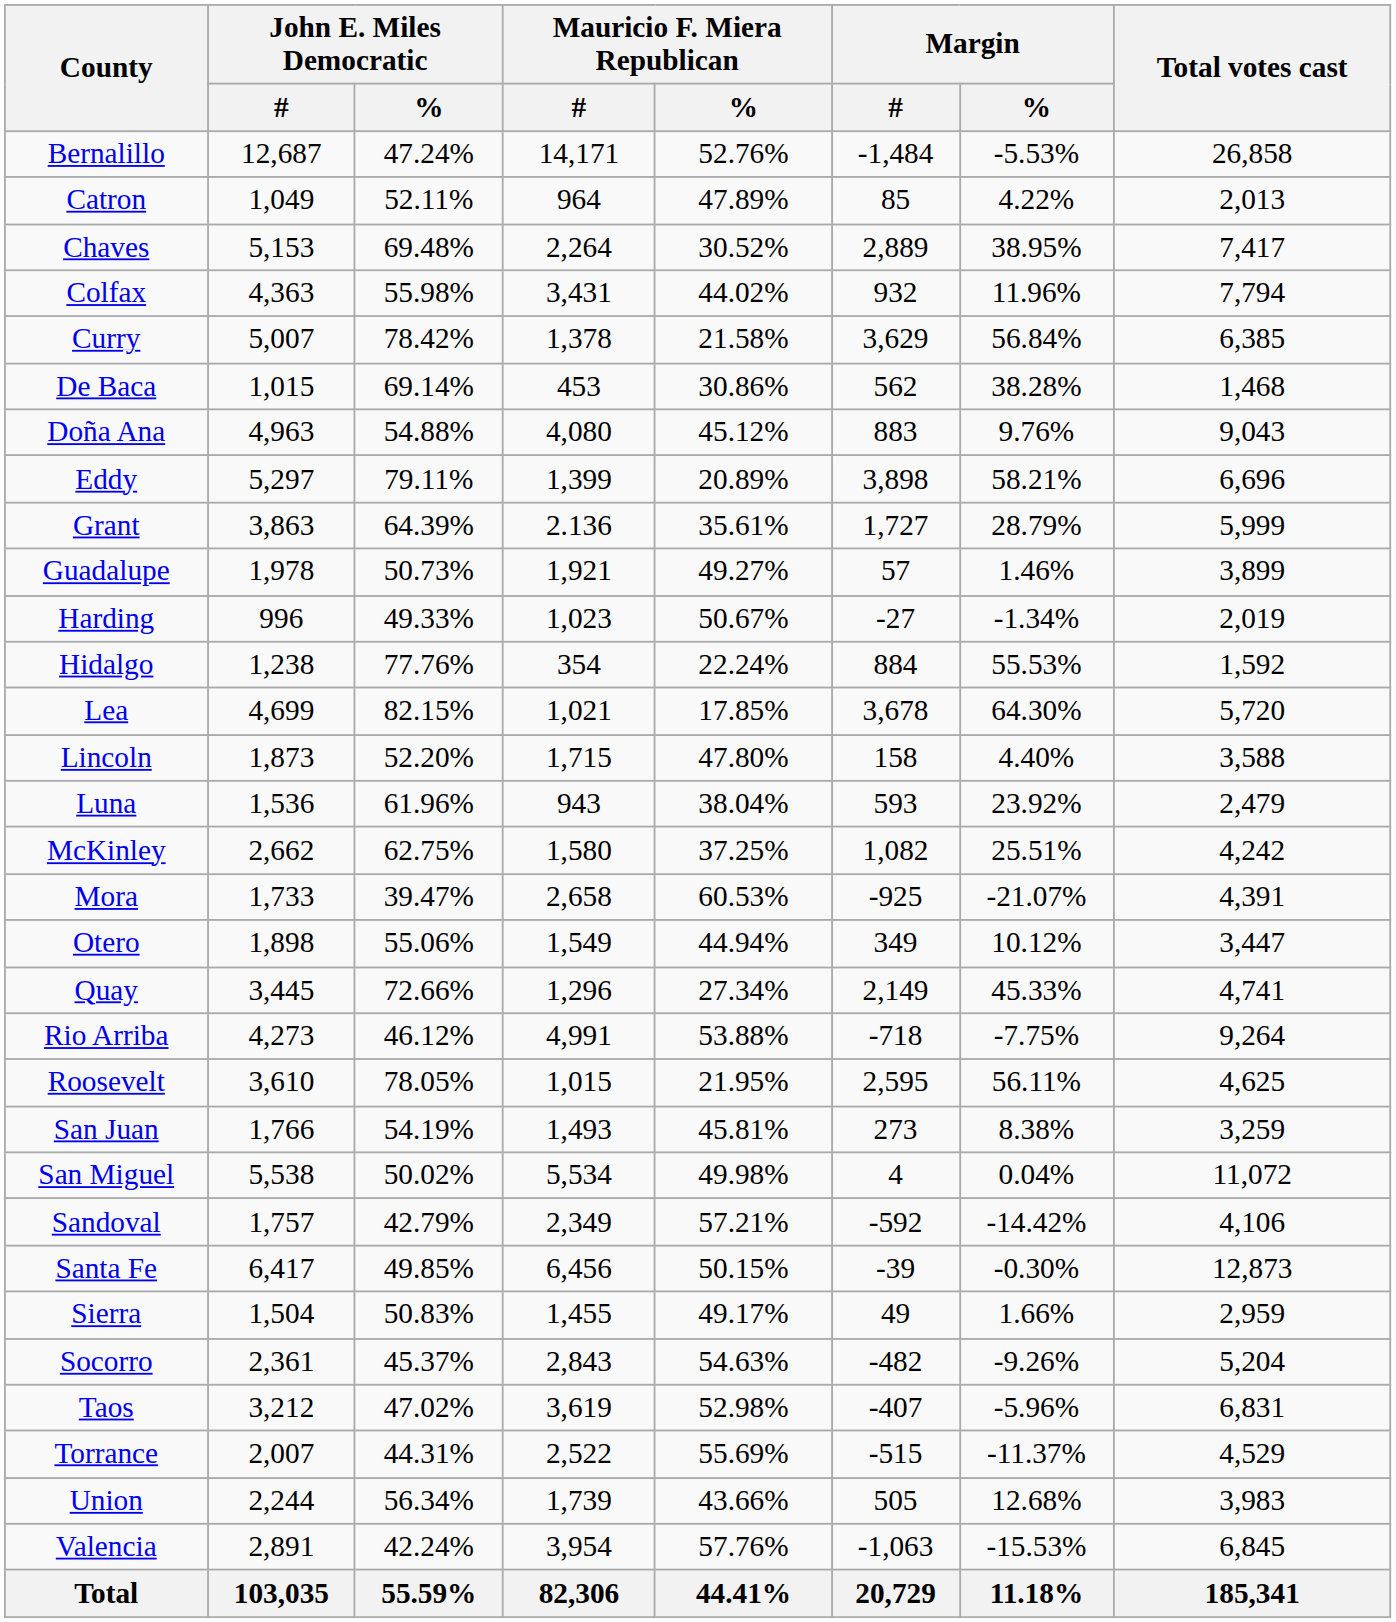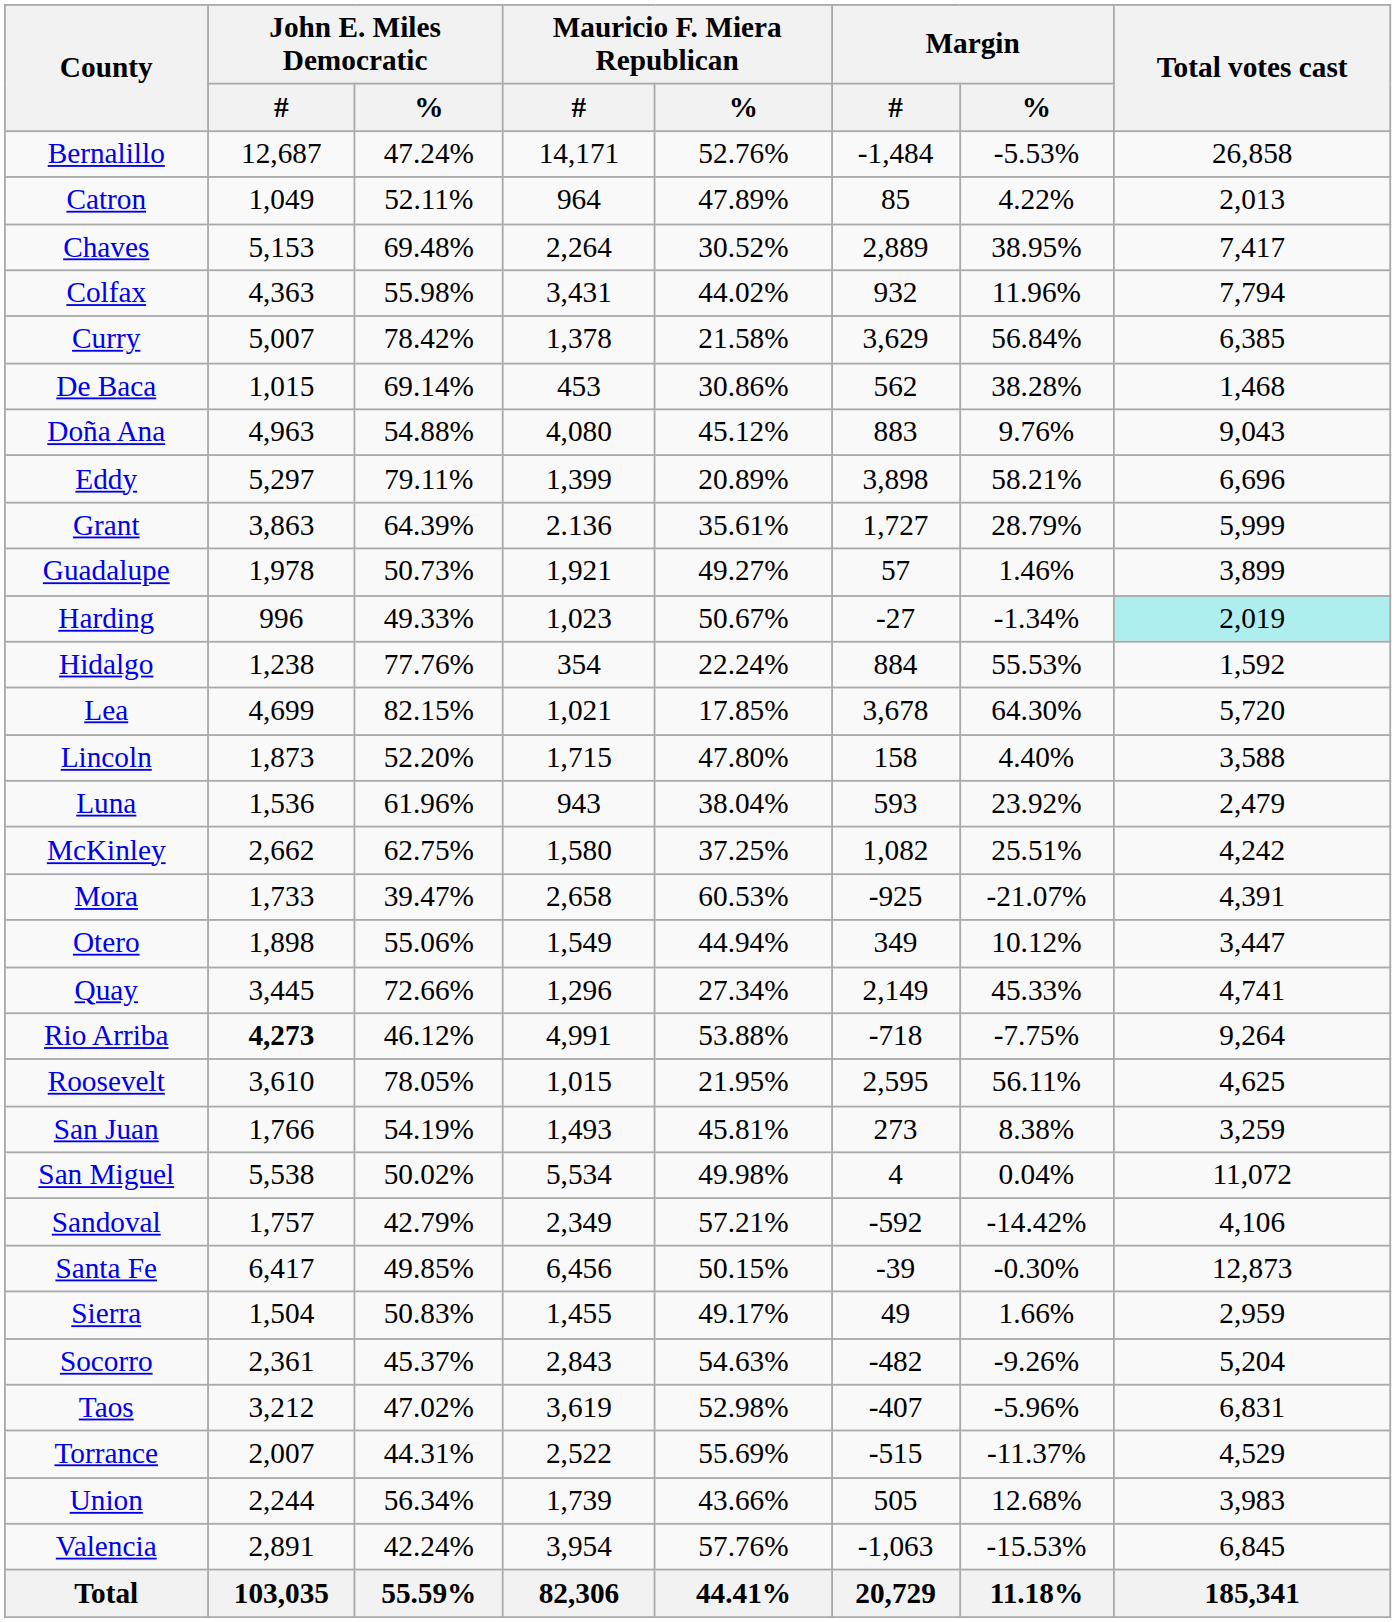 <table width="60%" class="wikitable sortable" style="text-align:center">
 <tr>
 <th style="text-align:center;" rowspan="2">County</th>
 <th style="text-align:center;" colspan="2">John E. Miles<br>Democratic</th>
 <th style="text-align:center;" colspan="2">Mauricio F. Miera<br>Republican</th>
 <th style="text-align:center;" colspan="2">Margin</th>
 <th style="text-align:center;" rowspan="2">Total votes cast</th>
 </tr>
 <tr>
 <th style="text-align:center;" data-sort-type="number">#</th>
 <th style="text-align:center;" data-sort-type="number">%</th>
 <th style="text-align:center;" data-sort-type="number">#</th>
 <th style="text-align:center;" data-sort-type="number">%</th>
 <th style="text-align:center;" data-sort-type="number">#</th>
 <th style="text-align:center;" data-sort-type="number">%</th>
 </tr>
 <tr style="text-align:center;">
 <td><a href='#'>Bernalillo</a></td>
 <td>12,687</td>
 <td>47.24%</td>
 <td>14,171</td>
 <td>52.76%</td>
 <td>-1,484</td>
 <td>-5.53%</td>
 <td>26,858</td>
 </tr>
 <tr style="text-align:center;">
 <td><a href='#'>Catron</a></td>
 <td>1,049</td>
 <td>52.11%</td>
 <td>964</td>
 <td>47.89%</td>
 <td>85</td>
 <td>4.22%</td>
 <td>2,013</td>
 </tr>
 <tr style="text-align:center;">
 <td><a href='#'>Chaves</a></td>
 <td>5,153</td>
 <td>69.48%</td>
 <td>2,264</td>
 <td>30.52%</td>
 <td>2,889</td>
 <td>38.95%</td>
 <td>7,417</td>
 </tr>
 <tr style="text-align:center;">
 <td><a href='#'>Colfax</a></td>
 <td>4,363</td>
 <td>55.98%</td>
 <td>3,431</td>
 <td>44.02%</td>
 <td>932</td>
 <td>11.96%</td>
 <td>7,794</td>
 </tr>
 <tr style="text-align:center;">
 <td><a href='#'>Curry</a></td>
 <td>5,007</td>
 <td>78.42%</td>
 <td>1,378</td>
 <td>21.58%</td>
 <td>3,629</td>
 <td>56.84%</td>
 <td>6,385</td>
 </tr>
 <tr style="text-align:center;">
 <td><a href='#'>De Baca</a></td>
 <td>1,015</td>
 <td>69.14%</td>
 <td>453</td>
 <td>30.86%</td>
 <td>562</td>
 <td>38.28%</td>
 <td>1,468</td>
 </tr>
 <tr style="text-align:center;">
 <td><a href='#'>Doña Ana</a></td>
 <td>4,963</td>
 <td>54.88%</td>
 <td>4,080</td>
 <td>45.12%</td>
 <td>883</td>
 <td>9.76%</td>
 <td>9,043</td>
 </tr>
 <tr style="text-align:center;">
 <td><a href='#'>Eddy</a></td>
 <td>5,297</td>
 <td>79.11%</td>
 <td>1,399</td>
 <td>20.89%</td>
 <td>3,898</td>
 <td>58.21%</td>
 <td>6,696</td>
 </tr>
 <tr style="text-align:center;">
 <td><a href='#'>Grant</a></td>
 <td>3,863</td>
 <td>64.39%</td>
 <td>2.136</td>
 <td>35.61%</td>
 <td>1,727</td>
 <td>28.79%</td>
 <td>5,999</td>
 </tr>
 <tr style="text-align:center;">
 <td><a href='#'>Guadalupe</a></td>
 <td>1,978</td>
 <td>50.73%</td>
 <td>1,921</td>
 <td>49.27%</td>
 <td>57</td>
 <td>1.46%</td>
 <td>3,899</td>
 </tr>
 <tr style="text-align:center;">
 <td><a href='#'>Harding</a></td>
 <td>996</td>
 <td>49.33%</td>
 <td>1,023</td>
 <td>50.67%</td>
 <td>-27</td>
 <td>-1.34%</td>
-<td>2,019</td>
+<td style="background: paleturquoise;">2,019</td>
 </tr>
 <tr style="text-align:center;">
 <td><a href='#'>Hidalgo</a></td>
 <td>1,238</td>
 <td>77.76%</td>
 <td>354</td>
 <td>22.24%</td>
 <td>884</td>
 <td>55.53%</td>
 <td>1,592</td>
 </tr>
 <tr style="text-align:center;">
 <td><a href='#'>Lea</a></td>
 <td>4,699</td>
 <td>82.15%</td>
 <td>1,021</td>
 <td>17.85%</td>
 <td>3,678</td>
 <td>64.30%</td>
 <td>5,720</td>
 </tr>
 <tr style="text-align:center;">
 <td><a href='#'>Lincoln</a></td>
 <td>1,873</td>
 <td>52.20%</td>
 <td>1,715</td>
 <td>47.80%</td>
 <td>158</td>
 <td>4.40%</td>
 <td>3,588</td>
 </tr>
 <tr style="text-align:center;">
 <td><a href='#'>Luna</a></td>
 <td>1,536</td>
 <td>61.96%</td>
 <td>943</td>
 <td>38.04%</td>
 <td>593</td>
 <td>23.92%</td>
 <td>2,479</td>
 </tr>
 <tr style="text-align:center;">
 <td><a href='#'>McKinley</a></td>
 <td>2,662</td>
 <td>62.75%</td>
 <td>1,580</td>
 <td>37.25%</td>
 <td>1,082</td>
 <td>25.51%</td>
 <td>4,242</td>
 </tr>
 <tr style="text-align:center;">
 <td><a href='#'>Mora</a></td>
 <td>1,733</td>
 <td>39.47%</td>
 <td>2,658</td>
 <td>60.53%</td>
 <td>-925</td>
 <td>-21.07%</td>
 <td>4,391</td>
 </tr>
 <tr style="text-align:center;">
 <td><a href='#'>Otero</a></td>
 <td>1,898</td>
 <td>55.06%</td>
 <td>1,549</td>
 <td>44.94%</td>
 <td>349</td>
 <td>10.12%</td>
 <td>3,447</td>
 </tr>
 <tr style="text-align:center;">
 <td><a href='#'>Quay</a></td>
 <td>3,445</td>
 <td>72.66%</td>
 <td>1,296</td>
 <td>27.34%</td>
 <td>2,149</td>
 <td>45.33%</td>
 <td>4,741</td>
 </tr>
 <tr style="text-align:center;">
 <td><a href='#'>Rio Arriba</a></td>
-<td>4,273</td>
+<td><strong>4,273</strong></td>
 <td>46.12%</td>
 <td>4,991</td>
 <td>53.88%</td>
 <td>-718</td>
 <td>-7.75%</td>
 <td>9,264</td>
 </tr>
 <tr style="text-align:center;">
 <td><a href='#'>Roosevelt</a></td>
 <td>3,610</td>
 <td>78.05%</td>
 <td>1,015</td>
 <td>21.95%</td>
 <td>2,595</td>
 <td>56.11%</td>
 <td>4,625</td>
 </tr>
 <tr style="text-align:center;">
 <td><a href='#'>San Juan</a></td>
 <td>1,766</td>
 <td>54.19%</td>
 <td>1,493</td>
 <td>45.81%</td>
 <td>273</td>
 <td>8.38%</td>
 <td>3,259</td>
 </tr>
 <tr style="text-align:center;">
 <td><a href='#'>San Miguel</a></td>
 <td>5,538</td>
 <td>50.02%</td>
 <td>5,534</td>
 <td>49.98%</td>
 <td>4</td>
 <td>0.04%</td>
 <td>11,072</td>
 </tr>
 <tr style="text-align:center;">
 <td><a href='#'>Sandoval</a></td>
 <td>1,757</td>
 <td>42.79%</td>
 <td>2,349</td>
 <td>57.21%</td>
 <td>-592</td>
 <td>-14.42%</td>
 <td>4,106</td>
 </tr>
 <tr style="text-align:center;">
 <td><a href='#'>Santa Fe</a></td>
 <td>6,417</td>
 <td>49.85%</td>
 <td>6,456</td>
 <td>50.15%</td>
 <td>-39</td>
 <td>-0.30%</td>
 <td>12,873</td>
 </tr>
 <tr style="text-align:center;">
 <td><a href='#'>Sierra</a></td>
 <td>1,504</td>
 <td>50.83%</td>
 <td>1,455</td>
 <td>49.17%</td>
 <td>49</td>
 <td>1.66%</td>
 <td>2,959</td>
 </tr>
 <tr style="text-align:center;">
 <td><a href='#'>Socorro</a></td>
 <td>2,361</td>
 <td>45.37%</td>
 <td>2,843</td>
 <td>54.63%</td>
 <td>-482</td>
 <td>-9.26%</td>
 <td>5,204</td>
 </tr>
 <tr style="text-align:center;">
 <td><a href='#'>Taos</a></td>
 <td>3,212</td>
 <td>47.02%</td>
 <td>3,619</td>
 <td>52.98%</td>
 <td>-407</td>
 <td>-5.96%</td>
 <td>6,831</td>
 </tr>
 <tr style="text-align:center;">
 <td><a href='#'>Torrance</a></td>
 <td>2,007</td>
 <td>44.31%</td>
 <td>2,522</td>
 <td>55.69%</td>
 <td>-515</td>
 <td>-11.37%</td>
 <td>4,529</td>
 </tr>
 <tr style="text-align:center;">
 <td><a href='#'>Union</a></td>
 <td>2,244</td>
 <td>56.34%</td>
 <td>1,739</td>
 <td>43.66%</td>
 <td>505</td>
 <td>12.68%</td>
 <td>3,983</td>
 </tr>
 <tr style="text-align:center;">
 <td><a href='#'>Valencia</a></td>
 <td>2,891</td>
 <td>42.24%</td>
 <td>3,954</td>
 <td>57.76%</td>
 <td>-1,063</td>
 <td>-15.53%</td>
 <td>6,845</td>
 </tr>
 <tr style="text-align:center;">
 <th>Total</th>
 <th>103,035</th>
 <th>55.59%</th>
 <th>82,306</th>
 <th>44.41%</th>
 <th>20,729</th>
 <th>11.18%</th>
 <th>185,341</th>
 </tr>
 </table>
